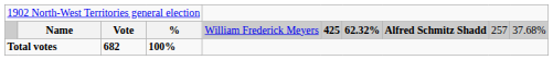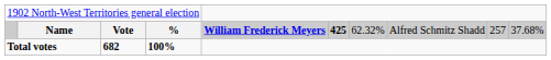 <table class="wikitable">
 <tr>
 <td colspan=4 align=center><a href='#'>1902 North-West Territories general election</a></td>
 </tr>
 <tr bgcolor="CCCCCC">
 <td></td>
 <th>Name</th>
 <th>Vote</th>
 <th>%<br></th>
-<td><a href='#'>William Frederick Meyers</a></td>
+<td><strong><a href='#'>William Frederick Meyers</a></strong></td>
 <td><strong>425</strong></td>
-<td><strong>62.32%<br></strong></td>
-<td><strong>Alfred Schmitz Shadd</strong></td>
+<td>62.32%<br></td>
+<td>Alfred Schmitz Shadd</td>
 <td>257</td>
 <td>37.68%</td>
 </tr>
 <tr>
 <td colspan=2><strong>Total votes</strong></td>
 <td><strong>682</strong></td>
 <td alignment="left"><strong>100%</strong></td>
 </tr>
 </table>
